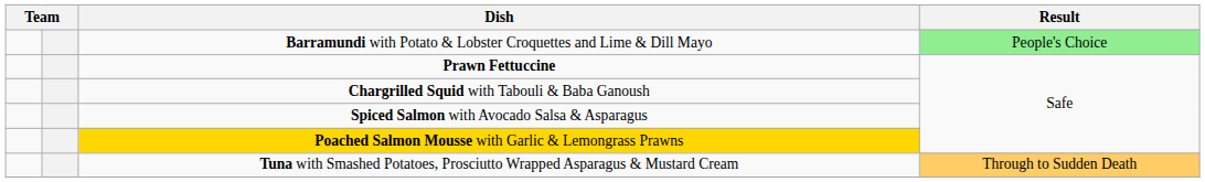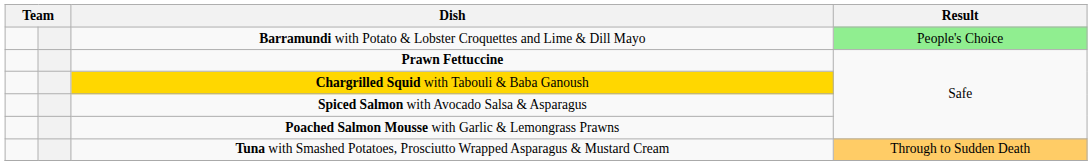 <table class="wikitable plainrowheaders" style="margin:1em auto; text-align:center; font-size:90%; width:80em;">
 <tr>
 <th colspan="2">Team</th>
 <th>Dish</th>
 <th>Result</th>
 </tr>
 <tr>
 <td></td>
 <th></th>
 <td><strong>Barramundi</strong> with Potato & Lobster Croquettes and Lime & Dill Mayo</td>
 <td style="background:lightgreen">People's Choice</td>
 </tr>
 <tr>
 <td></td>
 <th></th>
 <td><strong>Prawn Fettuccine</strong></td>
 <td rowspan="4">Safe</td>
 </tr>
 <tr>
 <td></td>
 <th></th>
-<td><strong>Chargrilled Squid</strong> with Tabouli & Baba Ganoush</td>
+<td style="background: gold;"><strong>Chargrilled Squid</strong> with Tabouli & Baba Ganoush</td>
 </tr>
 <tr>
 <td></td>
 <th></th>
 <td><strong>Spiced Salmon</strong> with Avocado Salsa & Asparagus</td>
 </tr>
 <tr>
 <td></td>
 <th></th>
-<td style="background: gold;"><strong>Poached Salmon Mousse</strong> with Garlic & Lemongrass Prawns</td>
+<td><strong>Poached Salmon Mousse</strong> with Garlic & Lemongrass Prawns</td>
 </tr>
 <tr>
 <td></td>
 <th></th>
 <td><strong>Tuna</strong> with Smashed Potatoes, Prosciutto Wrapped Asparagus & Mustard Cream</td>
 <td style="background:#FFCC66">Through to Sudden Death</td>
 </tr>
 <tr>
 </tr>
 </table>
